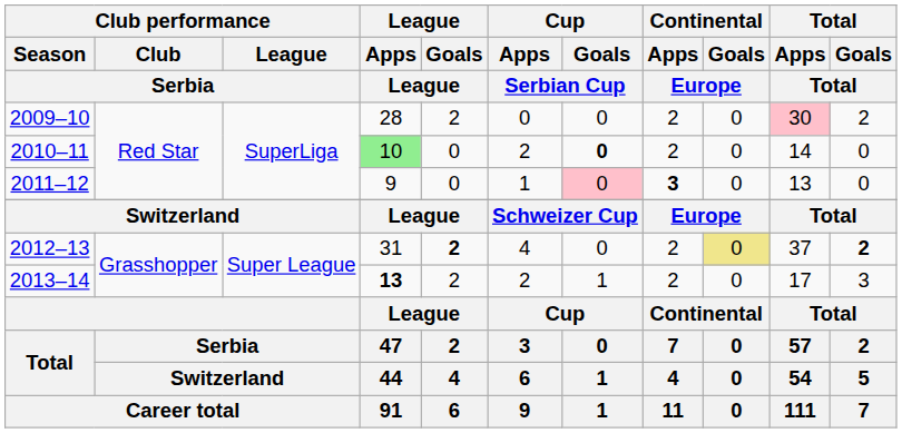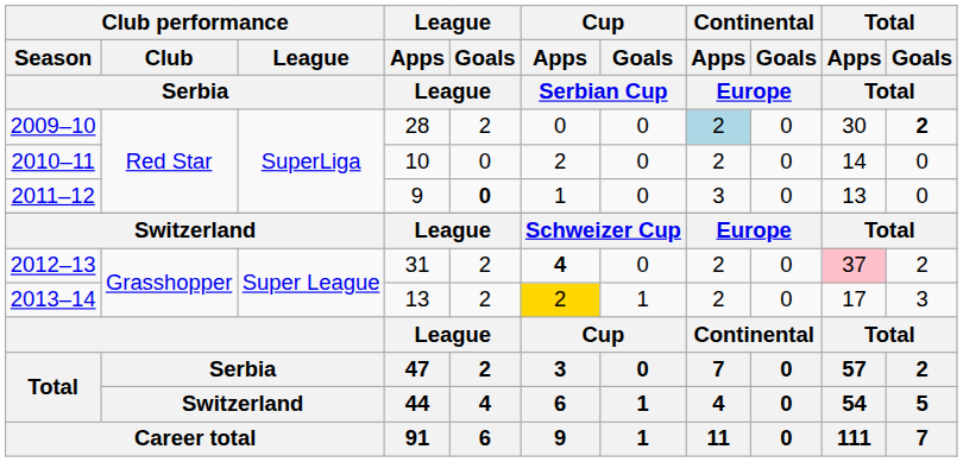 <table class="wikitable" style="text-align:center">
 <tr>
 <th colspan=3>Club performance</th>
 <th colspan=2>League</th>
 <th colspan=2>Cup</th>
 <th colspan=2>Continental</th>
 <th colspan=2>Total</th>
 </tr>
 <tr>
 <th>Season</th>
 <th>Club</th>
 <th>League</th>
 <th>Apps</th>
 <th>Goals</th>
 <th>Apps</th>
 <th>Goals</th>
 <th>Apps</th>
 <th>Goals</th>
 <th>Apps</th>
 <th>Goals</th>
 </tr>
 <tr>
 <th colspan=3>Serbia</th>
 <th colspan=2>League</th>
 <th colspan=2><a href='#'>Serbian Cup</a></th>
 <th colspan=2><a href='#'>Europe</a></th>
 <th colspan=2>Total</th>
 </tr>
 <tr>
 <td><a href='#'>2009–10</a></td>
 <td rowspan=3><a href='#'>Red Star</a></td>
 <td rowspan=3><a href='#'>SuperLiga</a></td>
 <td>28</td>
 <td>2</td>
 <td>0</td>
 <td>0</td>
-<td>2</td>
+<td style="background: lightblue;">2</td>
 <td>0</td>
-<td style="background: pink;">30</td>
-<td>2</td>
+<td>30</td>
+<td><strong>2</strong></td>
 </tr>
 <tr>
 <td><a href='#'>2010–11</a></td>
-<td style="background: lightgreen;">10</td>
+<td>10</td>
 <td>0</td>
 <td>2</td>
-<td><strong>0</strong></td>
+<td>0</td>
 <td>2</td>
 <td>0</td>
 <td>14</td>
 <td>0</td>
 </tr>
 <tr>
 <td><a href='#'>2011–12</a></td>
 <td>9</td>
+<td><strong>0</strong></td>
+<td>1</td>
 <td>0</td>
-<td>1</td>
-<td style="background: pink;">0</td>
-<td><strong>3</strong></td>
+<td>3</td>
 <td>0</td>
 <td>13</td>
 <td>0</td>
 </tr>
 <tr>
 </tr>
 <tr>
 <th colspan=3>Switzerland</th>
 <th colspan=2>League</th>
 <th colspan=2><a href='#'>Schweizer Cup</a></th>
 <th colspan=2><a href='#'>Europe</a></th>
 <th colspan=2>Total</th>
 </tr>
 <tr>
 <td><a href='#'>2012–13</a></td>
 <td rowspan=2><a href='#'>Grasshopper</a></td>
 <td rowspan=2><a href='#'>Super League</a></td>
 <td>31</td>
-<td><strong>2</strong></td>
-<td>4</td>
+<td>2</td>
+<td><strong>4</strong></td>
 <td>0</td>
 <td>2</td>
-<td style="background: khaki;">0</td>
-<td>37</td>
-<td><strong>2</strong></td>
+<td>0</td>
+<td style="background: pink;">37</td>
+<td>2</td>
 </tr>
 <tr>
 <td><a href='#'>2013–14</a></td>
-<td><strong>13</strong></td>
+<td>13</td>
 <td>2</td>
-<td>2</td>
+<td style="background: gold;">2</td>
 <td>1</td>
 <td>2</td>
 <td>0</td>
 <td>17</td>
 <td>3</td>
 </tr>
 <tr>
 <th colspan=3></th>
 <th colspan=2>League</th>
 <th colspan=2>Cup</th>
 <th colspan=2>Continental</th>
 <th colspan=2>Total</th>
 </tr>
 <tr>
 <th rowspan=2>Total</th>
 <th colspan=2>Serbia</th>
 <th>47</th>
 <th>2</th>
 <th>3</th>
 <th>0</th>
 <th>7</th>
 <th>0</th>
 <th>57</th>
 <th>2</th>
 </tr>
 <tr>
 <th colspan=2>Switzerland</th>
 <th>44</th>
 <th>4</th>
 <th>6</th>
 <th>1</th>
 <th>4</th>
 <th>0</th>
 <th>54</th>
 <th>5</th>
 </tr>
 <tr>
 <th colspan=3>Career total</th>
 <th>91</th>
 <th>6</th>
 <th>9</th>
 <th>1</th>
 <th>11</th>
 <th>0</th>
 <th>111</th>
 <th>7</th>
 </tr>
 </table>
